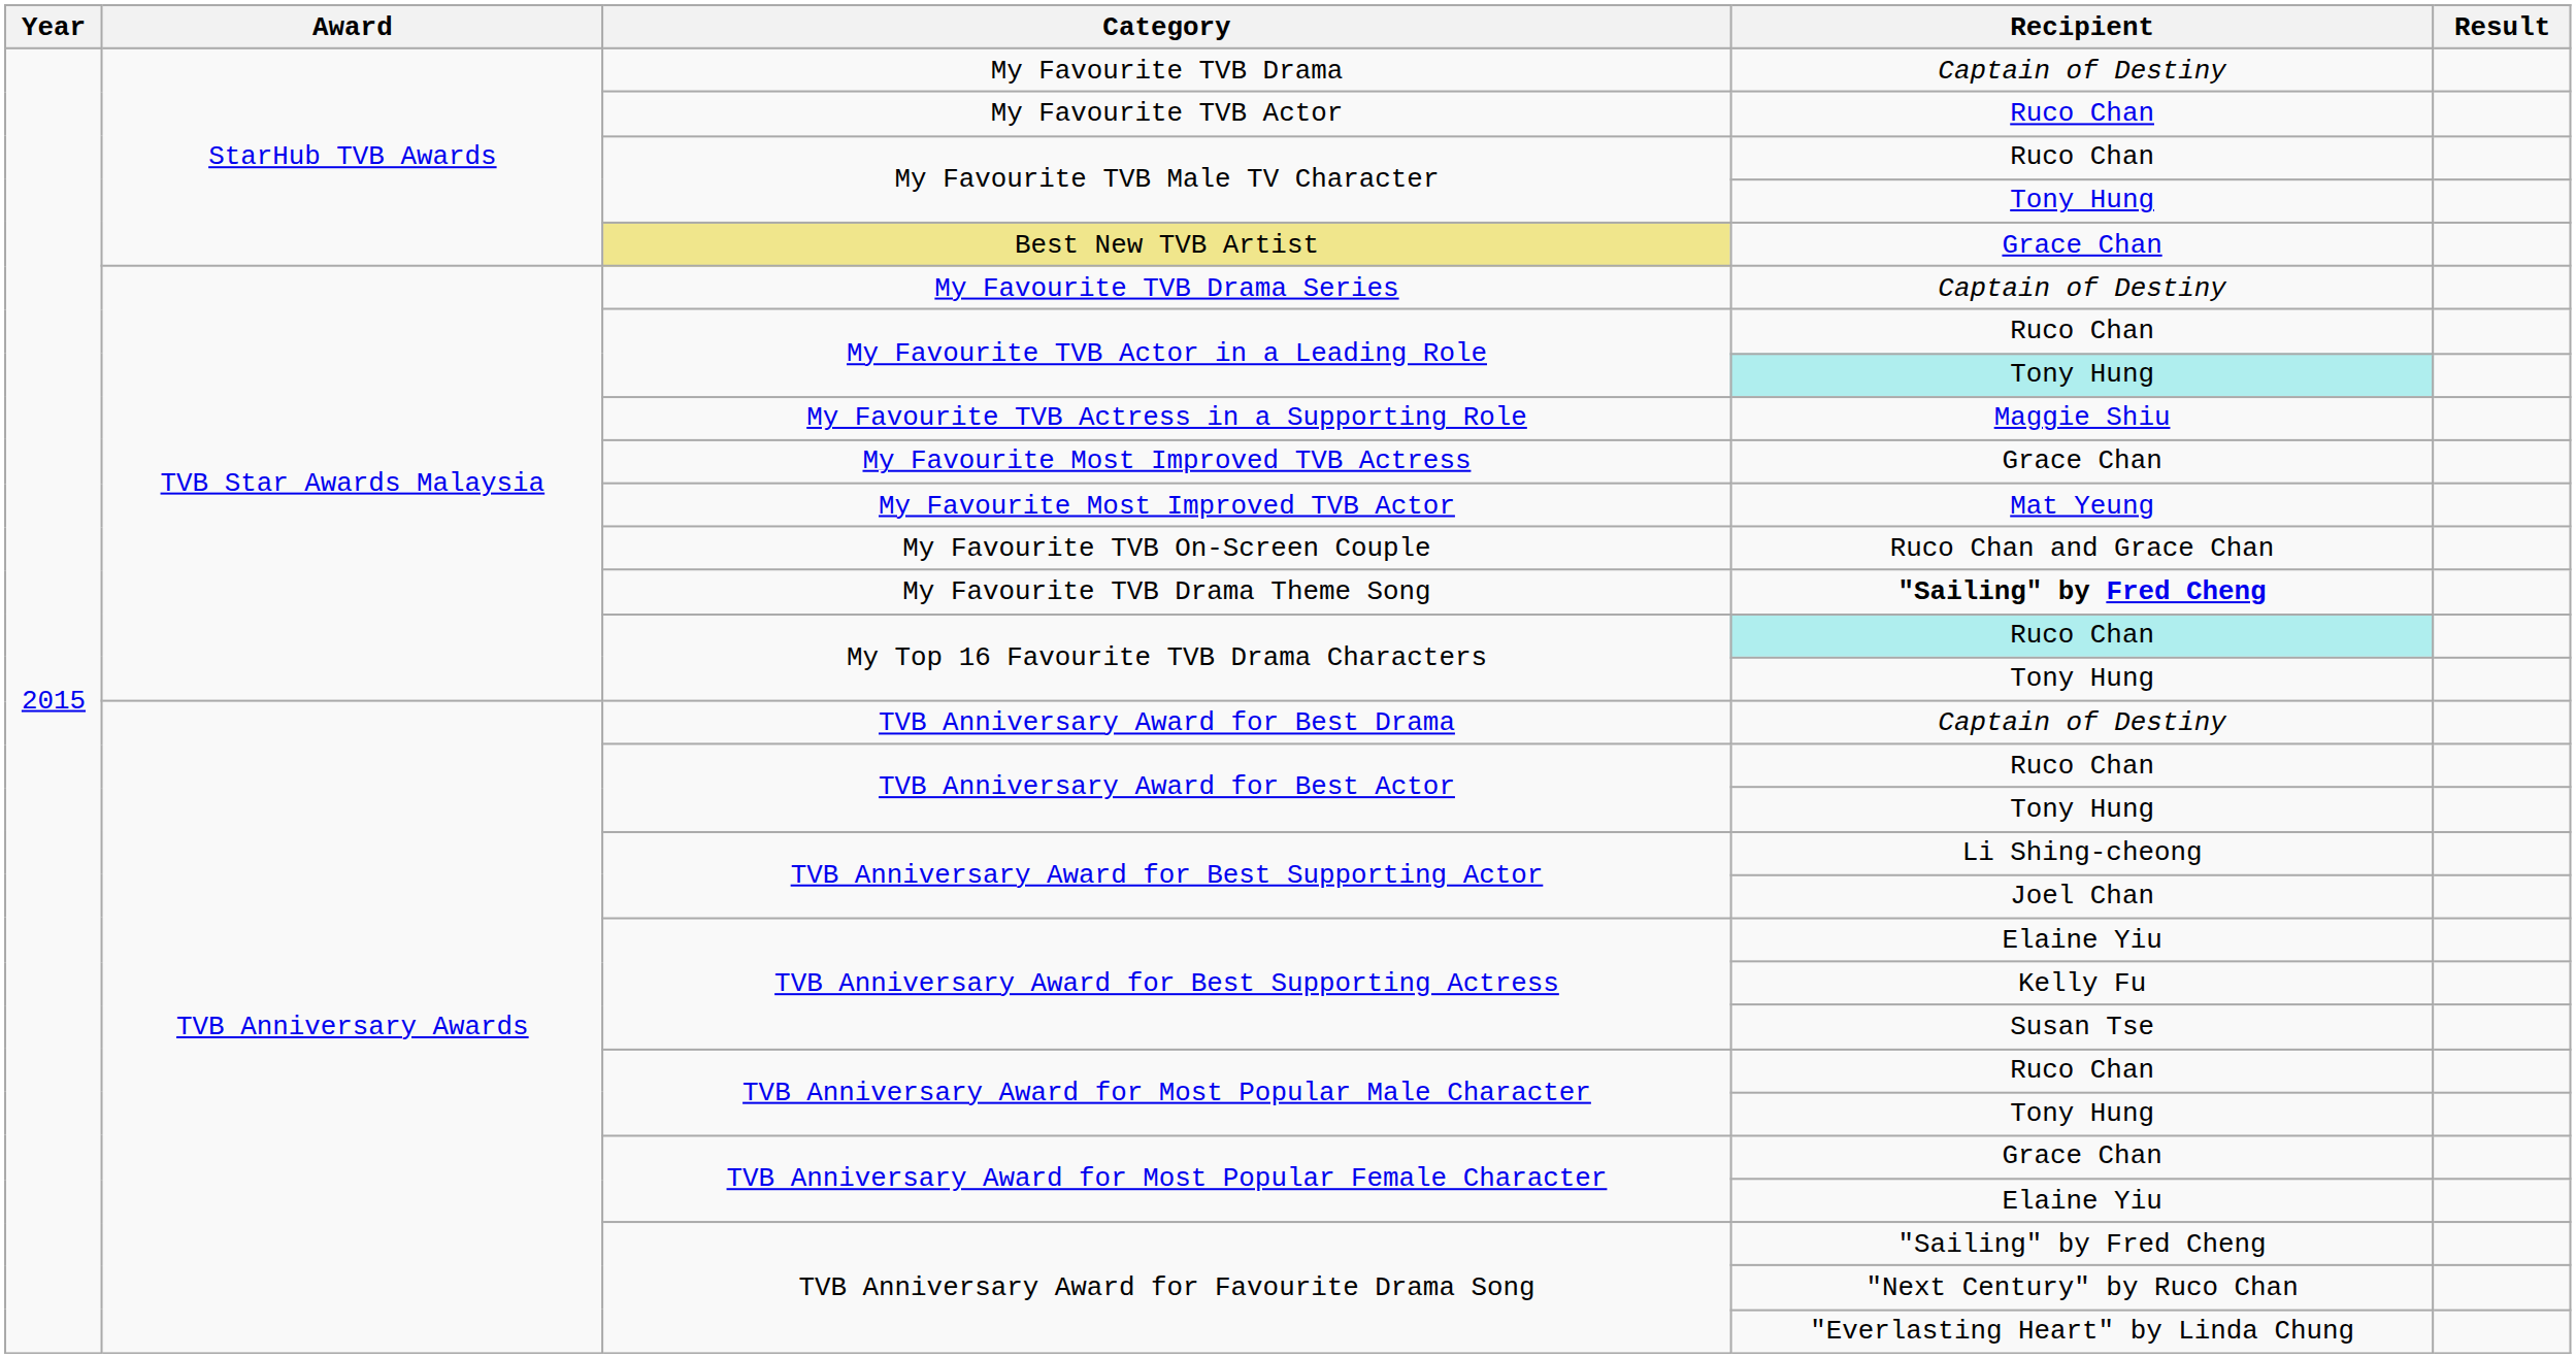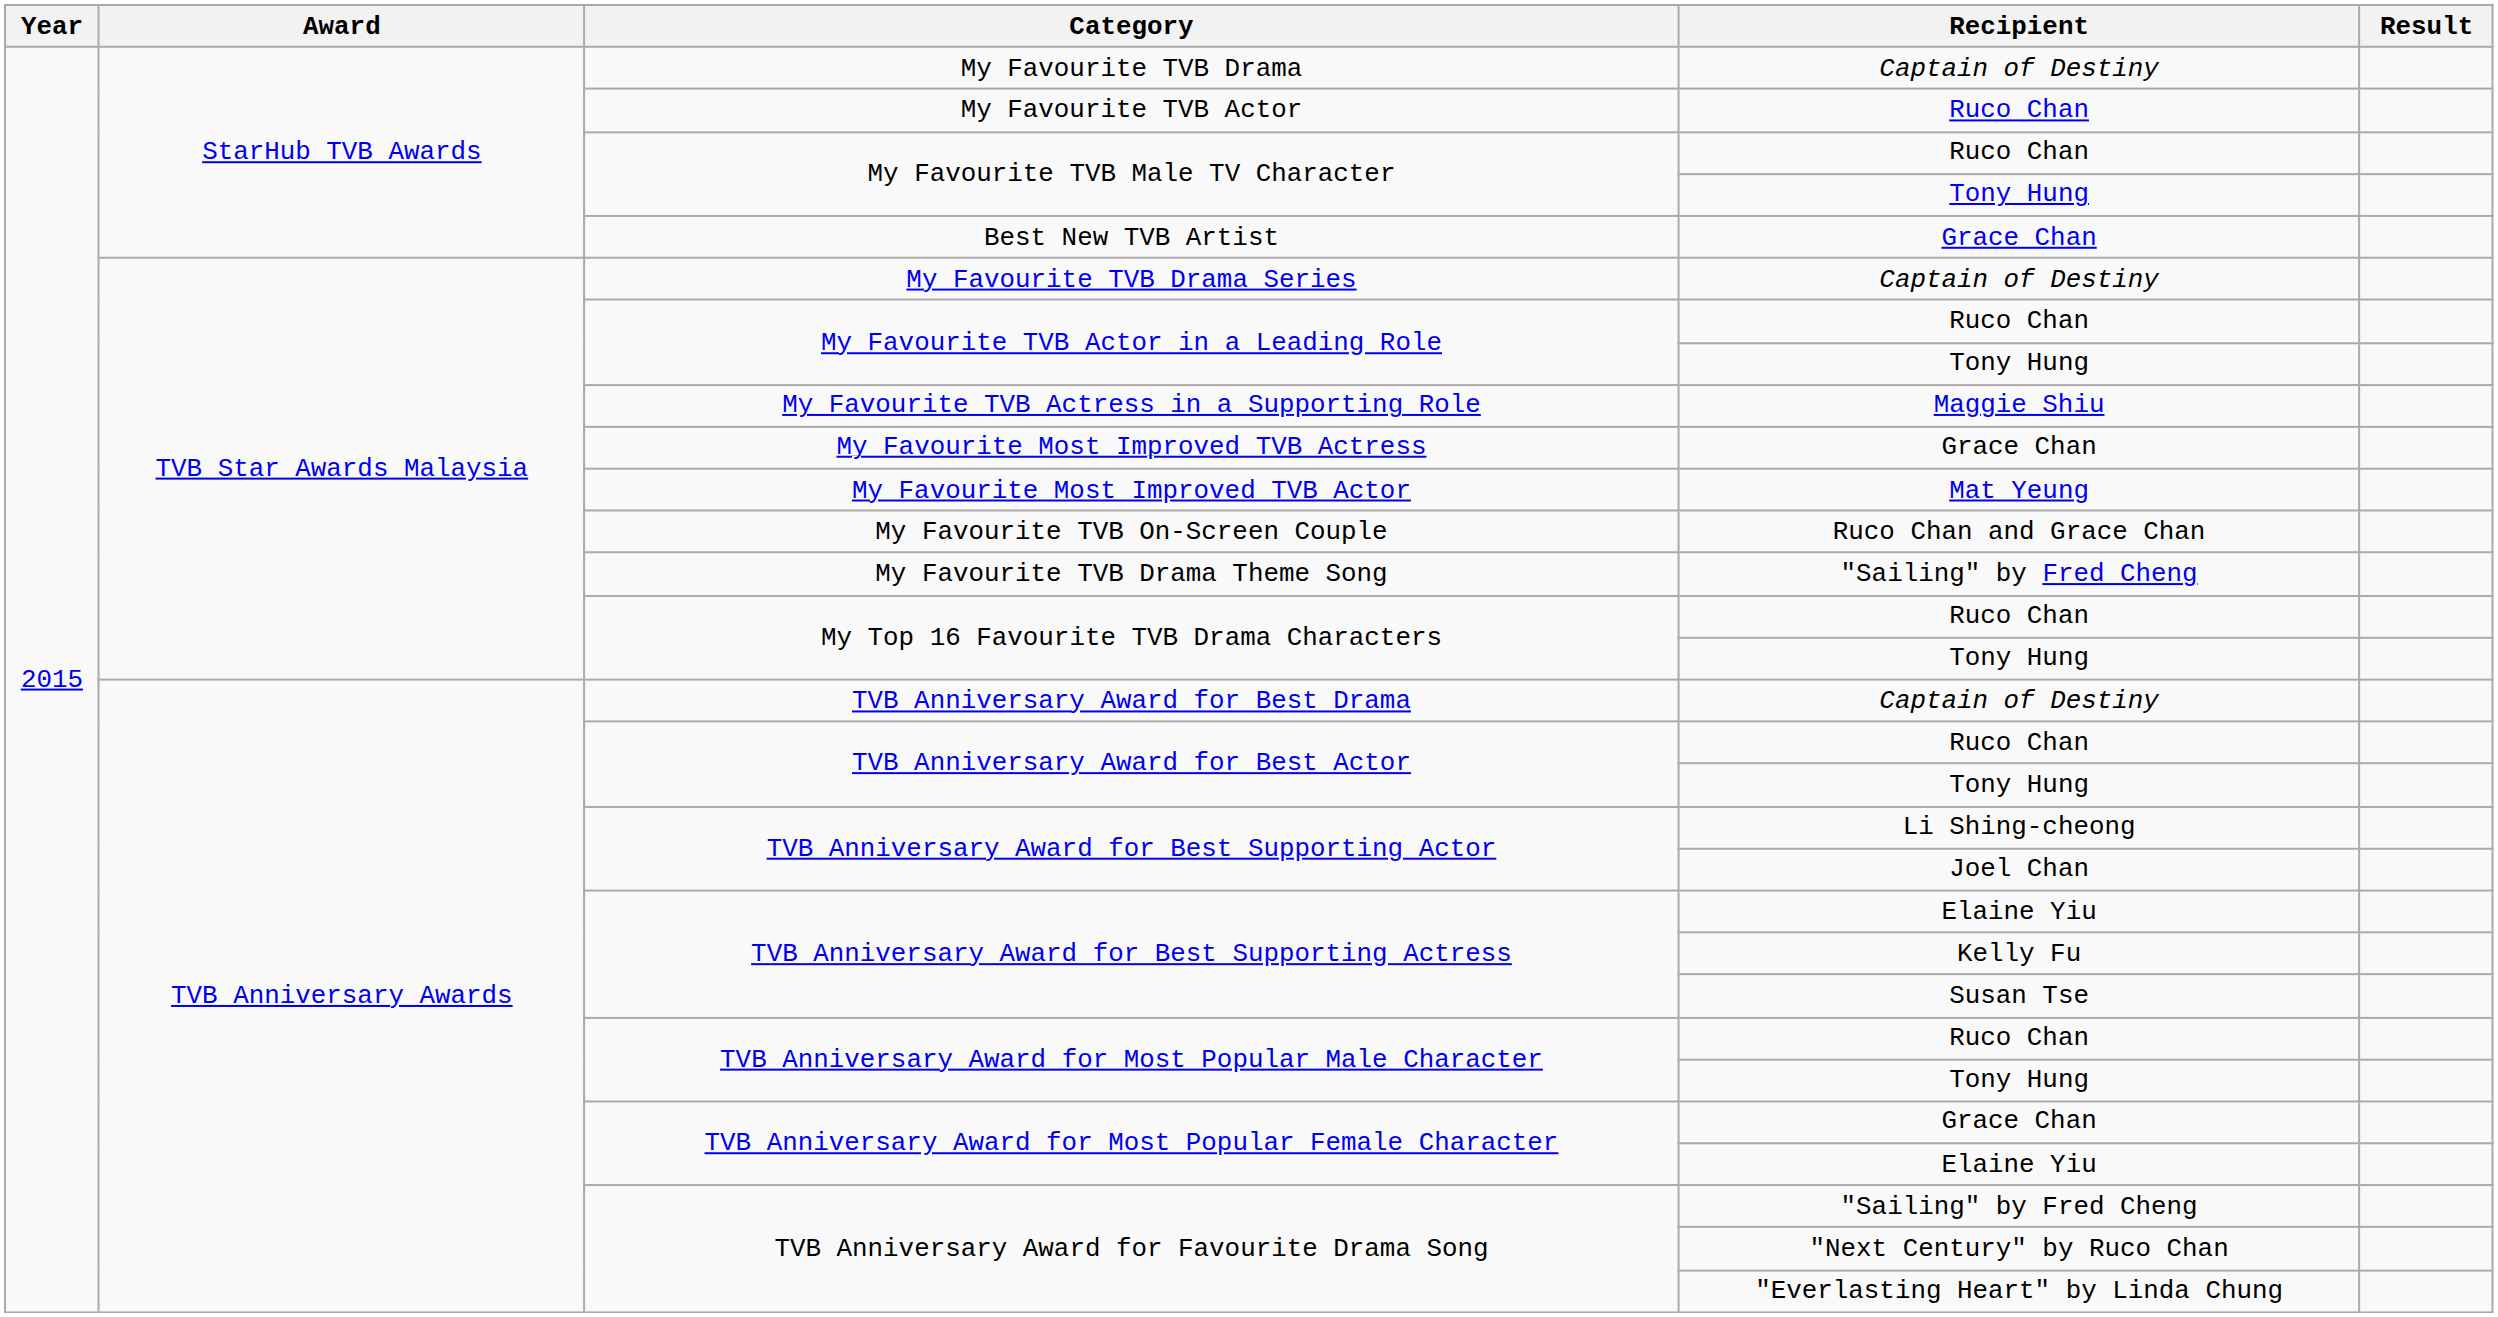 <table class="wikitable" style="width:99%;">
 <tr>
 <th>Year</th>
 <th>Award</th>
 <th>Category</th>
 <th>Recipient</th>
 <th>Result</th>
 </tr>
 <tr>
 <td align="center" rowspan=30><a href='#'>2015</a></td>
 <td align="center" rowspan=5><a href='#'>StarHub TVB Awards</a></td>
 <td align="center">My Favourite TVB Drama</td>
 <td align="center"><em>Captain of Destiny</em></td>
 <td></td>
 </tr>
 <tr>
 <td align="center">My Favourite TVB Actor</td>
 <td align="center"><a href='#'>Ruco Chan</a></td>
 <td></td>
 </tr>
 <tr>
 <td rowspan="2" align="center">My Favourite TVB Male TV Character</td>
 <td align="center">Ruco Chan</td>
 <td></td>
 </tr>
 <tr>
 <td align="center"><a href='#'>Tony Hung</a></td>
 <td></td>
 </tr>
 <tr>
-<td align="center" style="background: khaki;">Best New TVB Artist</td>
+<td align="center">Best New TVB Artist</td>
 <td align="center"><a href='#'>Grace Chan</a></td>
 <td></td>
 </tr>
 <tr>
 <td align="center" rowspan=10><a href='#'>TVB Star Awards Malaysia</a></td>
 <td align="center"><a href='#'>My Favourite TVB Drama Series</a></td>
 <td align="center"><em>Captain of Destiny</em></td>
 <td></td>
 </tr>
 <tr>
 <td rowspan=2 align="center"><a href='#'>My Favourite TVB Actor in a Leading Role</a></td>
 <td align="center">Ruco Chan</td>
 <td></td>
 </tr>
 <tr>
-<td align="center" style="background: paleturquoise;">Tony Hung</td>
+<td align="center">Tony Hung</td>
 <td></td>
 </tr>
 <tr>
 <td align="center"><a href='#'>My Favourite TVB Actress in a Supporting Role</a></td>
 <td align="center"><a href='#'>Maggie Shiu</a></td>
 <td></td>
 </tr>
 <tr>
 <td align="center"><a href='#'>My Favourite Most Improved TVB Actress</a></td>
 <td align="center">Grace Chan</td>
 <td></td>
 </tr>
 <tr>
 <td align="center"><a href='#'>My Favourite Most Improved TVB Actor</a></td>
 <td align="center"><a href='#'>Mat Yeung</a></td>
 <td></td>
 </tr>
 <tr>
 <td align="center">My Favourite TVB On-Screen Couple</td>
 <td align="center">Ruco Chan and Grace Chan</td>
 <td></td>
 </tr>
 <tr>
 <td align="center">My Favourite TVB Drama Theme Song</td>
-<td align="center"><strong>"Sailing" by <a href='#'>Fred Cheng</a></strong></td>
+<td align="center">"Sailing" by <a href='#'>Fred Cheng</a></td>
 <td></td>
 </tr>
 <tr>
 <td rowspan=2 align="center">My Top 16 Favourite TVB Drama Characters</td>
-<td align="center" style="background: paleturquoise;">Ruco Chan</td>
+<td align="center">Ruco Chan</td>
 <td></td>
 </tr>
 <tr>
 <td align="center">Tony Hung</td>
 <td></td>
 </tr>
 <tr>
 <td align="center" rowspan=15><a href='#'>TVB Anniversary Awards</a></td>
 <td align="center"><a href='#'>TVB Anniversary Award for Best Drama</a></td>
 <td align="center"><em>Captain of Destiny</em></td>
 <td></td>
 </tr>
 <tr>
 <td rowspan=2 align="center"><a href='#'>TVB Anniversary Award for Best Actor</a></td>
 <td align="center">Ruco Chan</td>
 <td></td>
 </tr>
 <tr>
 <td align="center">Tony Hung</td>
 <td></td>
 </tr>
 <tr>
 <td rowspan=2 align="center"><a href='#'>TVB Anniversary Award for Best Supporting Actor</a></td>
 <td align="center">Li Shing-cheong</td>
 <td></td>
 </tr>
 <tr>
 <td align="center">Joel Chan</td>
 <td></td>
 </tr>
 <tr>
 <td rowspan=3 align="center"><a href='#'>TVB Anniversary Award for Best Supporting Actress</a></td>
 <td align="center">Elaine Yiu</td>
 <td></td>
 </tr>
 <tr>
 <td align="center">Kelly Fu</td>
 <td></td>
 </tr>
 <tr>
 <td align="center">Susan Tse</td>
 <td></td>
 </tr>
 <tr>
 <td rowspan=2 align="center"><a href='#'>TVB Anniversary Award for Most Popular Male Character</a></td>
 <td align="center">Ruco Chan</td>
 <td></td>
 </tr>
 <tr>
 <td align="center">Tony Hung</td>
 <td></td>
 </tr>
 <tr>
 <td rowspan=2 align="center"><a href='#'>TVB Anniversary Award for Most Popular Female Character</a></td>
 <td align="center">Grace Chan</td>
 <td></td>
 </tr>
 <tr>
 <td align="center">Elaine Yiu</td>
 <td></td>
 </tr>
 <tr>
 <td rowspan=3 align="center">TVB Anniversary Award for Favourite Drama Song</td>
 <td align="center">"Sailing" by Fred Cheng</td>
 <td></td>
 </tr>
 <tr>
 <td align="center">"Next Century" by Ruco Chan</td>
 <td></td>
 </tr>
 <tr>
 <td align="center">"Everlasting Heart" by Linda Chung</td>
 <td></td>
 </tr>
 </table>
